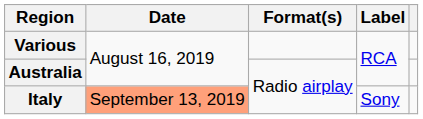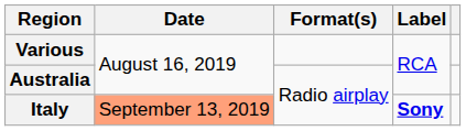 <table class="wikitable plainrowheaders">
 <tr>
 <th scope="col">Region</th>
 <th scope="col">Date</th>
 <th scope="col">Format(s)</th>
 <th scope="col">Label</th>
 <th scope="col"></th>
 </tr>
 <tr>
 <th scope="row">Various</th>
 <td rowspan="2">August 16, 2019</td>
 <td></td>
 <td rowspan="2"><a href='#'>RCA</a></td>
 <td align="center"></td>
 </tr>
 <tr>
 <th scope="row">Australia</th>
 <td rowspan="2">Radio <a href='#'>airplay</a></td>
 <td align="center"></td>
 </tr>
 <tr>
 <th scope="row">Italy</th>
 <td style="background: lightsalmon;">September 13, 2019</td>
-<td><a href='#'>Sony</a></td>
+<td><strong><a href='#'>Sony</a></strong></td>
 <td align="center"></td>
 </tr>
 </table>
